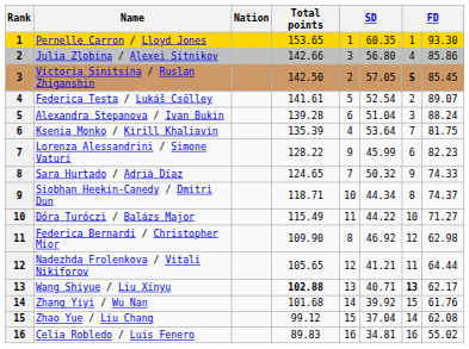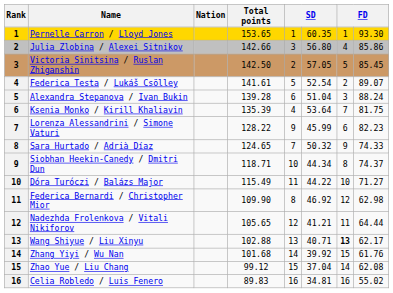 <table class="wikitable sortable">
 <tr>
 <th>Rank</th>
 <th>Name</th>
 <th>Nation</th>
 <th>Total points</th>
 <th colspan="2" width="80px"><a href='#'>SD</a></th>
 <th colspan="2" width="80px"><a href='#'>FD</a></th>
 </tr>
 <tr style="background-color: gold">
 <td style="text-align: center"><strong>1</strong></td>
 <td><a href='#'>Pernelle Carron</a> / <a href='#'>Lloyd Jones</a></td>
 <td></td>
 <td style="text-align: center">153.65</td>
 <td style="text-align: center">1</td>
 <td style="text-align: center">60.35</td>
 <td style="text-align: center">1</td>
 <td style="text-align: center">93.30</td>
 </tr>
 <tr style="background-color: silver">
 <td style="text-align: center"><strong>2</strong></td>
 <td><a href='#'>Julia Zlobina</a> / <a href='#'>Alexei Sitnikov</a></td>
 <td></td>
 <td style="text-align: center">142.66</td>
 <td style="text-align: center">3</td>
 <td style="text-align: center">56.80</td>
 <td style="text-align: center">4</td>
 <td style="text-align: center">85.86</td>
 </tr>
 <tr style="background-color: #cc9966">
 <td style="text-align: center"><strong>3</strong></td>
 <td><a href='#'>Victoria Sinitsina</a> / <a href='#'>Ruslan Zhiganshin</a></td>
 <td></td>
 <td style="text-align: center">142.50</td>
 <td style="text-align: center">2</td>
 <td style="text-align: center">57.05</td>
-<td style="text-align: center"><strong>5</strong></td>
+<td style="text-align: center">5</td>
 <td style="text-align: center">85.45</td>
 </tr>
 <tr>
 <th>4</th>
 <td><a href='#'>Federica Testa</a> / <a href='#'>Lukáš Csölley</a></td>
 <td></td>
 <td style="text-align: center">141.61</td>
 <td style="text-align: center">5</td>
 <td style="text-align: center">52.54</td>
 <td style="text-align: center">2</td>
 <td style="text-align: center">89.07</td>
 </tr>
 <tr>
 <th>5</th>
 <td><a href='#'>Alexandra Stepanova</a> / <a href='#'>Ivan Bukin</a></td>
 <td></td>
 <td style="text-align: center">139.28</td>
 <td style="text-align: center">6</td>
 <td style="text-align: center">51.04</td>
 <td style="text-align: center">3</td>
 <td style="text-align: center">88.24</td>
 </tr>
 <tr>
 <th>6</th>
 <td><a href='#'>Ksenia Monko</a> / <a href='#'>Kirill Khaliavin</a></td>
 <td></td>
 <td style="text-align: center">135.39</td>
 <td style="text-align: center">4</td>
 <td style="text-align: center">53.64</td>
 <td style="text-align: center">7</td>
 <td style="text-align: center">81.75</td>
 </tr>
 <tr>
 <th>7</th>
 <td><a href='#'>Lorenza Alessandrini</a> / <a href='#'>Simone Vaturi</a></td>
 <td></td>
 <td style="text-align: center">128.22</td>
 <td style="text-align: center">9</td>
 <td style="text-align: center">45.99</td>
 <td style="text-align: center">6</td>
 <td style="text-align: center">82.23</td>
 </tr>
 <tr>
 <th>8</th>
 <td><a href='#'>Sara Hurtado</a> / <a href='#'>Adrià Díaz</a></td>
 <td></td>
 <td style="text-align: center">124.65</td>
 <td style="text-align: center">7</td>
 <td style="text-align: center">50.32</td>
 <td style="text-align: center">9</td>
 <td style="text-align: center">74.33</td>
 </tr>
 <tr>
 <th>9</th>
 <td><a href='#'>Siobhan Heekin-Canedy</a> / <a href='#'>Dmitri Dun</a></td>
 <td></td>
 <td style="text-align: center">118.71</td>
 <td style="text-align: center">10</td>
 <td style="text-align: center">44.34</td>
 <td style="text-align: center">8</td>
 <td style="text-align: center">74.37</td>
 </tr>
 <tr>
 <th>10</th>
 <td><a href='#'>Dóra Turóczi</a> / <a href='#'>Balázs Major</a></td>
 <td></td>
 <td style="text-align: center">115.49</td>
 <td style="text-align: center">11</td>
 <td style="text-align: center">44.22</td>
 <td style="text-align: center">10</td>
 <td style="text-align: center">71.27</td>
 </tr>
 <tr>
 <th>11</th>
 <td><a href='#'>Federica Bernardi</a> / <a href='#'>Christopher Mior</a></td>
 <td></td>
 <td style="text-align: center">109.90</td>
 <td style="text-align: center">8</td>
 <td style="text-align: center">46.92</td>
 <td style="text-align: center">12</td>
 <td style="text-align: center">62.98</td>
 </tr>
 <tr>
 <th>12</th>
 <td><a href='#'>Nadezhda Frolenkova</a> / <a href='#'>Vitali Nikiforov</a></td>
 <td></td>
 <td style="text-align: center">105.65</td>
 <td style="text-align: center">12</td>
 <td style="text-align: center">41.21</td>
 <td style="text-align: center">11</td>
 <td style="text-align: center">64.44</td>
 </tr>
 <tr>
 <th>13</th>
 <td><a href='#'>Wang Shiyue</a> / <a href='#'>Liu Xinyu</a></td>
 <td></td>
-<td style="text-align: center"><strong>102.88</strong></td>
+<td style="text-align: center">102.88</td>
 <td style="text-align: center">13</td>
 <td style="text-align: center">40.71</td>
 <td style="text-align: center"><strong>13</strong></td>
 <td style="text-align: center">62.17</td>
 </tr>
 <tr>
 <th>14</th>
 <td><a href='#'>Zhang Yiyi</a> / <a href='#'>Wu Nan</a></td>
 <td></td>
 <td style="text-align: center">101.68</td>
 <td style="text-align: center">14</td>
 <td style="text-align: center">39.92</td>
 <td style="text-align: center">15</td>
 <td style="text-align: center">61.76</td>
 </tr>
 <tr>
 <th>15</th>
 <td><a href='#'>Zhao Yue</a> / <a href='#'>Liu Chang</a></td>
 <td></td>
 <td style="text-align: center">99.12</td>
 <td style="text-align: center">15</td>
 <td style="text-align: center">37.04</td>
 <td style="text-align: center">14</td>
 <td style="text-align: center">62.08</td>
 </tr>
 <tr>
 <th>16</th>
 <td><a href='#'>Celia Robledo</a> / <a href='#'>Luis Fenero</a></td>
 <td></td>
 <td style="text-align: center">89.83</td>
 <td style="text-align: center">16</td>
 <td style="text-align: center">34.81</td>
 <td style="text-align: center">16</td>
 <td style="text-align: center">55.02</td>
 </tr>
 </table>
